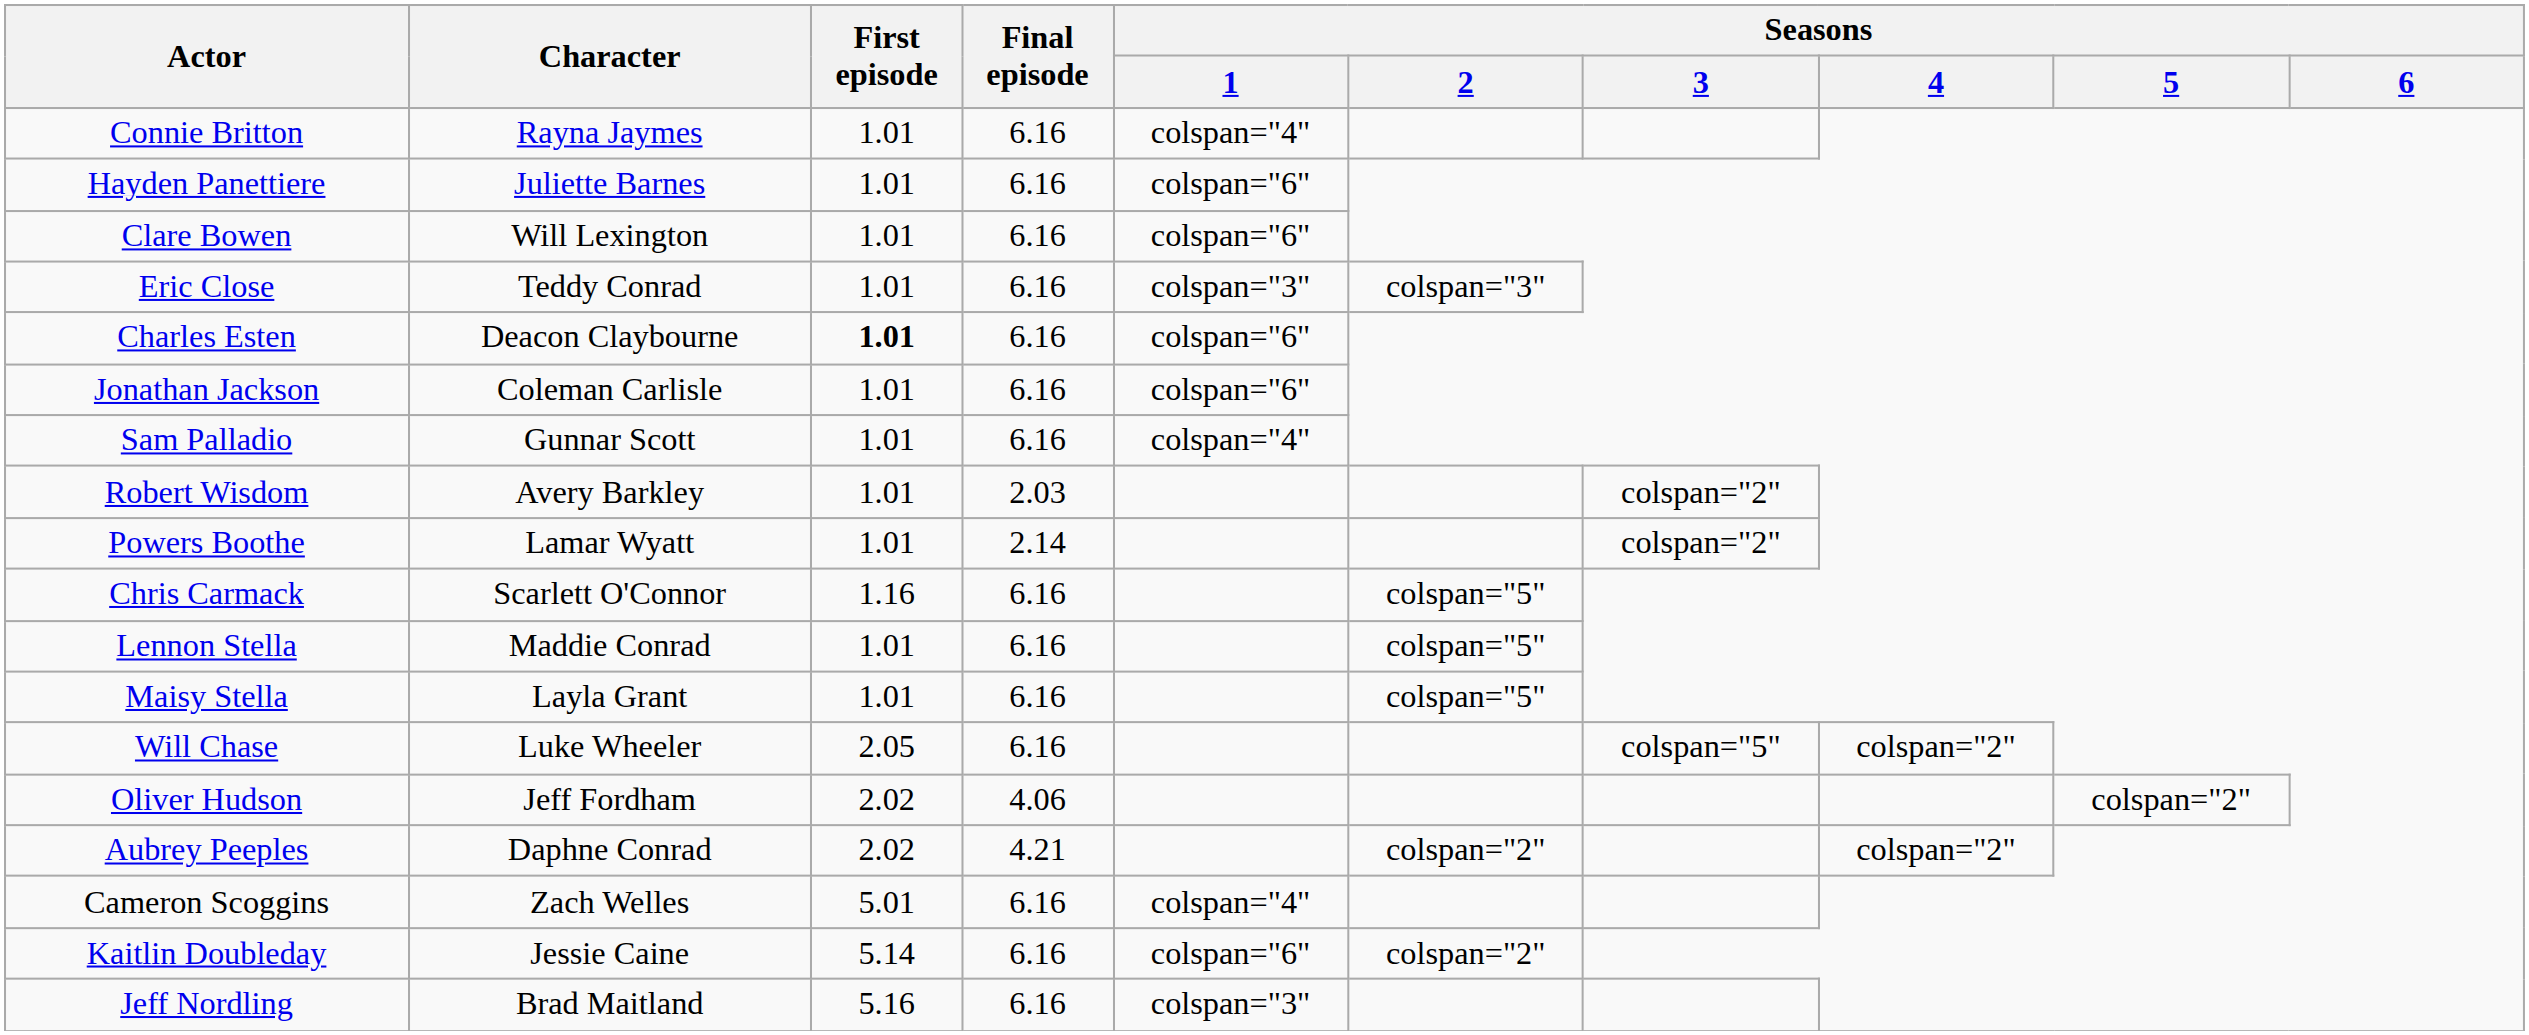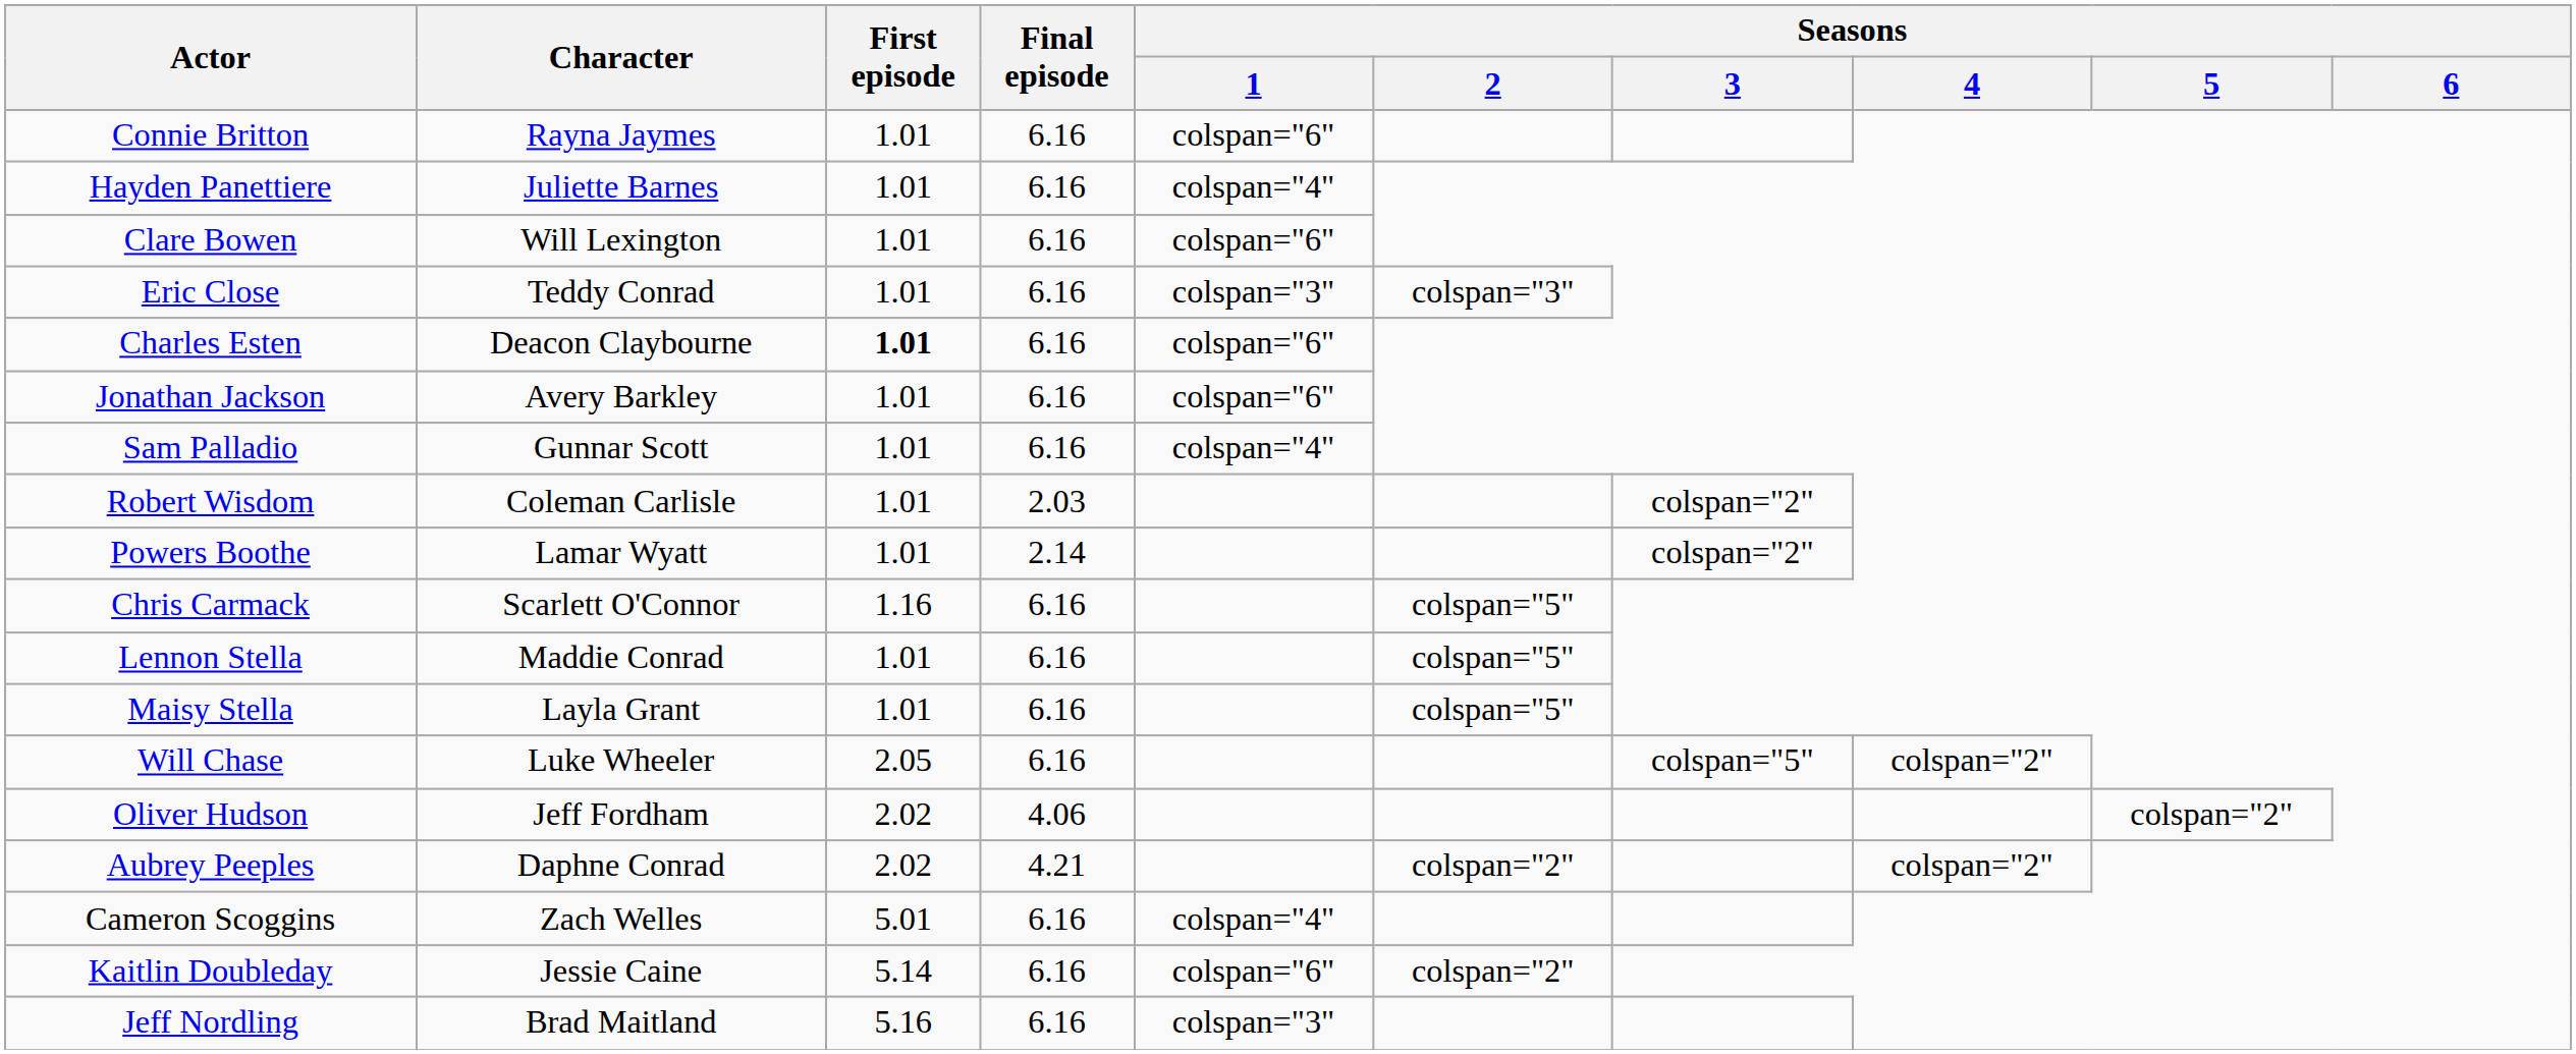 <table class="wikitable plainrowheaders" style="text-align:center">
 <tr>
 <th rowspan="2" width="12%" scope="col">Actor</th>
 <th rowspan="2" width="12%" scope="col">Character</th>
 <th rowspan="2" style="width:4%;" scope="col">First <br>episode</th>
 <th rowspan="2" style="width:4%;" scope="col">Final <br>episode</th>
 <th colspan="6">Seasons</th>
 </tr>
 <tr>
 <th width="7%" scope="col"><a href='#'>1</a></th>
 <th width="7%" scope="col"><a href='#'>2</a></th>
 <th width="7%" scope="col"><a href='#'>3</a></th>
 <th width="7%" scope="col"><a href='#'>4</a></th>
 <th width="7%" scope="col"><a href='#'>5</a></th>
 <th width="7%" scope="col"><a href='#'>6</a></th>
 </tr>
 <tr>
 <td><a href='#'>Connie Britton</a></td>
 <td><a href='#'>Rayna Jaymes</a></td>
 <td>1.01</td>
 <td>6.16</td>
-<td>colspan="4" </td>
+<td>colspan="6" </td>
 <td></td>
 <td></td>
 </tr>
 <tr>
 <td><a href='#'>Hayden Panettiere</a></td>
 <td><a href='#'>Juliette Barnes</a></td>
 <td>1.01</td>
 <td>6.16</td>
-<td>colspan="6" </td>
+<td>colspan="4" </td>
 </tr>
 <tr>
 <td><a href='#'>Clare Bowen</a></td>
 <td>Will Lexington</td>
 <td>1.01</td>
 <td>6.16</td>
 <td>colspan="6" </td>
 </tr>
 <tr>
 <td><a href='#'>Eric Close</a></td>
 <td>Teddy Conrad</td>
 <td>1.01</td>
 <td>6.16</td>
 <td>colspan="3" </td>
 <td>colspan="3" </td>
 </tr>
 <tr>
 <td><a href='#'>Charles Esten</a></td>
 <td>Deacon Claybourne</td>
 <td><strong>1.01</strong></td>
 <td>6.16</td>
 <td>colspan="6" </td>
 </tr>
 <tr>
 <td><a href='#'>Jonathan Jackson</a></td>
-<td>Coleman Carlisle</td>
+<td>Avery Barkley</td>
 <td>1.01</td>
 <td>6.16</td>
 <td>colspan="6" </td>
 </tr>
 <tr>
 <td><a href='#'>Sam Palladio</a></td>
 <td>Gunnar Scott</td>
 <td>1.01</td>
 <td>6.16</td>
 <td>colspan="4" </td>
 </tr>
 <tr>
 <td><a href='#'>Robert Wisdom</a></td>
-<td>Avery Barkley</td>
+<td>Coleman Carlisle</td>
 <td>1.01</td>
 <td>2.03</td>
 <td></td>
 <td></td>
 <td>colspan="2" </td>
 </tr>
 <tr>
 <td><a href='#'>Powers Boothe</a></td>
 <td>Lamar Wyatt</td>
 <td>1.01</td>
 <td>2.14</td>
 <td></td>
 <td></td>
 <td>colspan="2" </td>
 </tr>
 <tr>
 <td><a href='#'>Chris Carmack</a></td>
 <td>Scarlett O'Connor</td>
 <td>1.16</td>
 <td>6.16</td>
 <td></td>
 <td>colspan="5" </td>
 </tr>
 <tr>
 <td><a href='#'>Lennon Stella</a></td>
 <td>Maddie Conrad</td>
 <td>1.01</td>
 <td>6.16</td>
 <td></td>
 <td>colspan="5" </td>
 </tr>
 <tr>
 <td><a href='#'>Maisy Stella</a></td>
 <td>Layla Grant</td>
 <td>1.01</td>
 <td>6.16</td>
 <td></td>
 <td>colspan="5" </td>
 </tr>
 <tr>
 <td><a href='#'>Will Chase</a></td>
 <td>Luke Wheeler</td>
 <td>2.05</td>
 <td>6.16</td>
 <td></td>
 <td></td>
 <td>colspan="5" </td>
 <td>colspan="2" </td>
 </tr>
 <tr>
 <td><a href='#'>Oliver Hudson</a></td>
 <td>Jeff Fordham</td>
 <td>2.02</td>
 <td>4.06</td>
 <td></td>
 <td></td>
 <td></td>
 <td></td>
 <td>colspan="2" </td>
 </tr>
 <tr>
 <td><a href='#'>Aubrey Peeples</a></td>
 <td>Daphne Conrad</td>
 <td>2.02</td>
 <td>4.21</td>
 <td></td>
 <td>colspan="2" </td>
 <td></td>
 <td>colspan="2" </td>
 </tr>
 <tr>
 <td>Cameron Scoggins</td>
 <td>Zach Welles</td>
 <td>5.01</td>
 <td>6.16</td>
 <td>colspan="4" </td>
 <td></td>
 <td></td>
 </tr>
 <tr>
 <td><a href='#'>Kaitlin Doubleday</a></td>
 <td>Jessie Caine</td>
 <td>5.14</td>
 <td>6.16</td>
 <td>colspan="6" </td>
 <td>colspan="2" </td>
 </tr>
 <tr>
 <td><a href='#'>Jeff Nordling</a></td>
 <td>Brad Maitland</td>
 <td>5.16</td>
 <td>6.16</td>
 <td>colspan="3" </td>
 <td></td>
 <td></td>
 </tr>
 </table>
